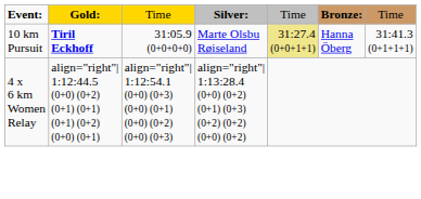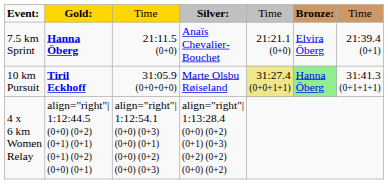 <table class="wikitable" width=85%>
 <tr>
 <td><strong>Event:</strong></td>
 <td style="text-align:center;background-color:gold;"><strong>Gold:</strong></td>
 <td style="text-align:center;background-color:gold;">Time</td>
 <td style="text-align:center;background-color:silver;"><strong>Silver:</strong></td>
 <td style="text-align:center;background-color:silver;">Time</td>
 <td style="text-align:center;background-color:#CC9966;"><strong>Bronze:</strong></td>
 <td style="text-align:center;background-color:#CC9966;">Time</td>
 </tr>
 <tr>
+<td>7.5 km Sprint<br></td>
+<td><strong><a href='#'>Hanna Öberg</a></strong><br><small></small></td>
+<td align=right>21:11.5<br><small>(0+0)</small></td>
+<td><a href='#'>Anaïs Chevalier-Bouchet</a><br><small></small></td>
+<td align=right>21:21.1<br><small>(0+0)</small></td>
+<td><a href='#'>Elvira Öberg</a><br><small></small></td>
+<td align=right>21:39.4<br><small>(0+1)</small></td>
+</tr>
+<tr>
 <td>10 km Pursuit<br></td>
 <td><strong><a href='#'>Tiril Eckhoff</a></strong><br><small></small></td>
 <td align=right>31:05.9<br><small>(0+0+0+0)</small></td>
 <td><a href='#'>Marte Olsbu Røiseland</a><br><small></small></td>
 <td align=right style="background: khaki;">31:27.4<br><small>(0+0+1+1)</small></td>
-<td><a href='#'>Hanna Öberg</a><br><small></small></td>
+<td style="background: lightgreen;"><a href='#'>Hanna Öberg</a><br><small></small></td>
 <td align=right>31:41.3<br><small>(0+1+1+1)</small></td>
 </tr>
 <tr>
 <td>4 x 6 km Women Relay<br></td>
 <td>align="right"| 1:12:44.5<small><br>(0+0) (0+2)<br>(0+1) (0+1)<br>(0+1) (0+2)<br>(0+0) (0+1)</small></td>
 <td>align="right"| 1:12:54.1<small><br>(0+0) (0+3)<br>(0+0) (0+1)<br>(0+0) (0+2)<br>(0+0) (0+3)</small></td>
 <td>align="right"| 1:13:28.4<small><br>(0+0) (0+2)<br>(0+1) (0+3)<br>(0+2) (0+2)<br>(0+0) (0+2)</small></td>
 </tr>
 </table>
